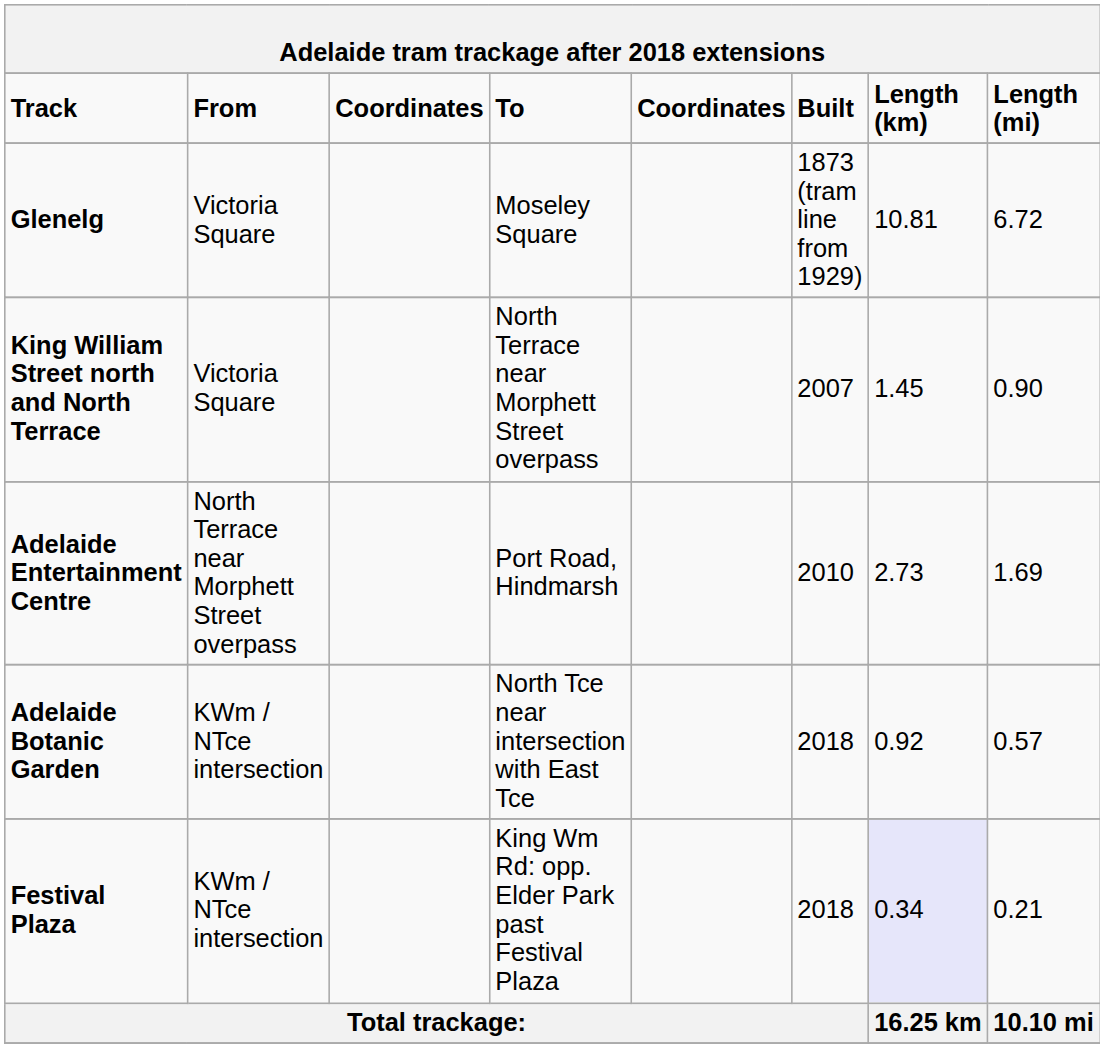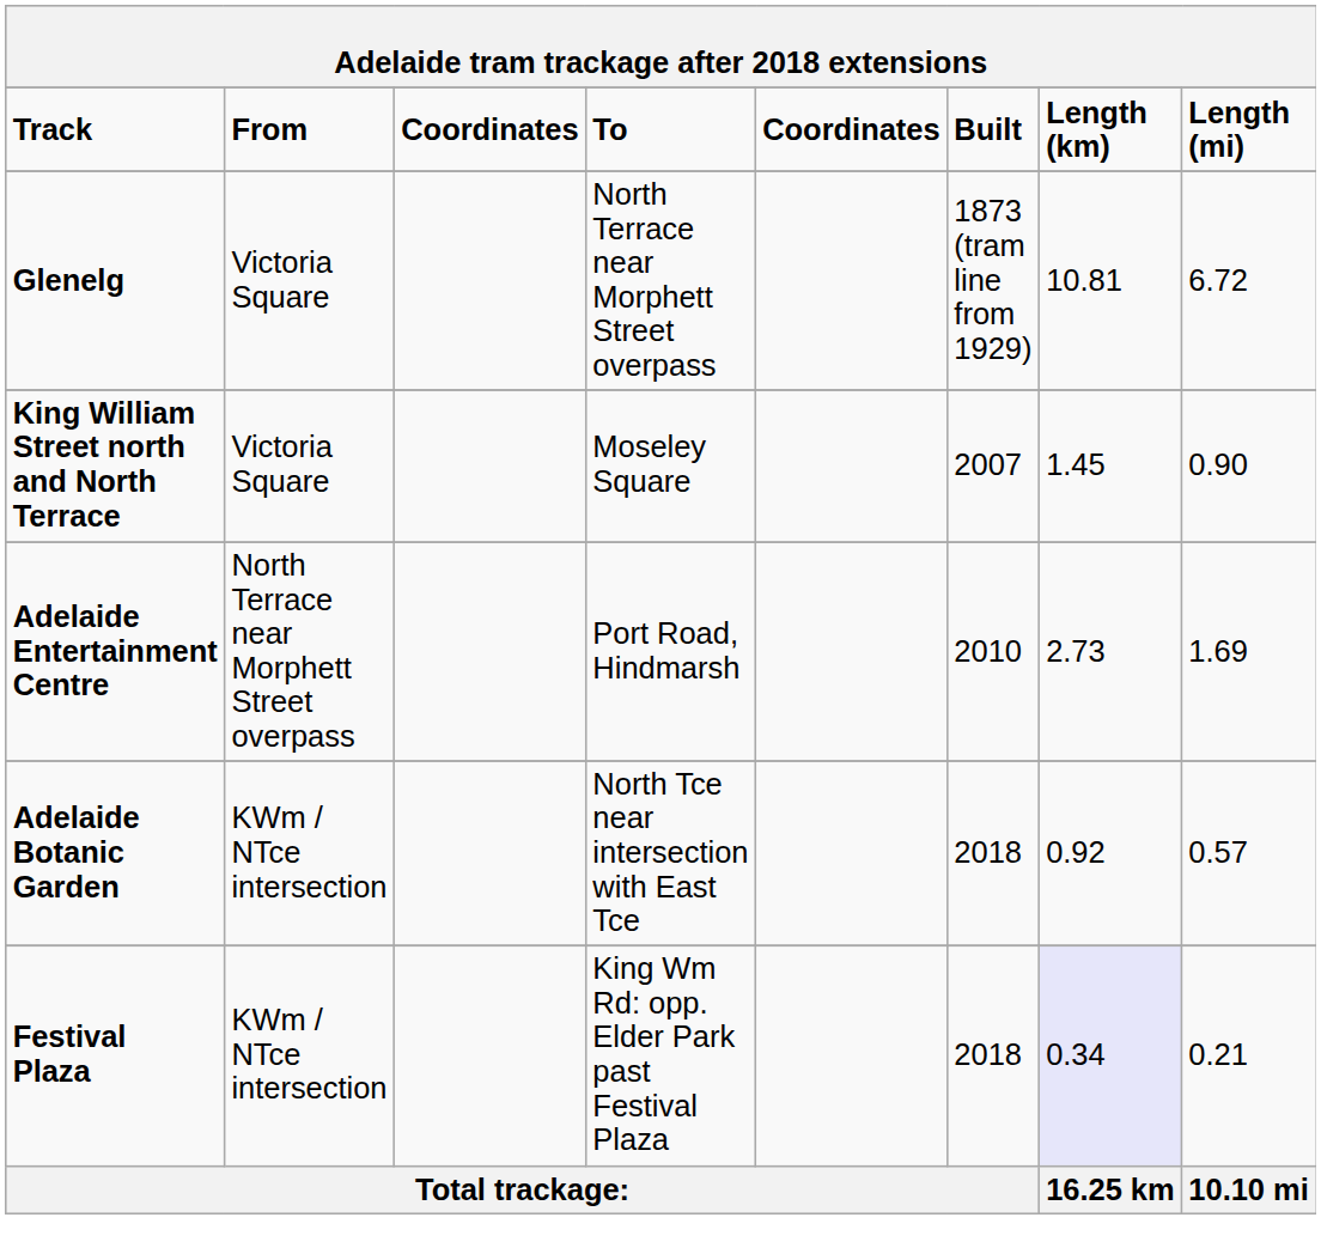 <table class="wikitable floatleft mw-collapsible mw-collapsed" style="margin:0.5em auto; width:50%; center:80%; :1em; :2em; :1em">
 <tr>
 <th colspan="8"><br>Adelaide tram trackage after 2018 extensions<br></th>
 </tr>
 <tr>
 </tr>
 <tr>
 <td><strong>Track</strong></td>
 <td><strong>From</strong></td>
 <td><strong>Coordinates</strong></td>
 <td><strong>To</strong></td>
 <td><strong>Coordinates</strong></td>
 <td><strong>Built</strong></td>
 <td><strong>Length (km)</strong></td>
 <td><strong>Length (mi)</strong></td>
 </tr>
 <tr>
 </tr>
 <tr>
 <td><strong>Glenelg</strong></td>
 <td>Victoria Square</td>
 <td></td>
-<td>Moseley Square</td>
+<td>North Terrace near Morphett Street overpass</td>
 <td></td>
 <td>1873<br>(tram line from 1929)</td>
 <td>10.81</td>
 <td>6.72</td>
 </tr>
 <tr>
 </tr>
 <tr>
 <td><strong>King William Street north<br>and North Terrace</strong></td>
 <td>Victoria Square</td>
 <td></td>
-<td>North Terrace near Morphett Street overpass</td>
+<td>Moseley Square</td>
 <td></td>
 <td>2007</td>
 <td>1.45</td>
 <td>0.90</td>
 </tr>
 <tr>
 </tr>
 <tr>
 <td><strong>Adelaide Entertainment Centre</strong><br></td>
 <td>North Terrace near Morphett Street overpass</td>
 <td></td>
 <td>Port Road, Hindmarsh</td>
 <td></td>
 <td>2010</td>
 <td>2.73</td>
 <td>1.69</td>
 </tr>
 <tr>
 </tr>
 <tr>
 <td><strong>Adelaide<br>Botanic<br>Garden</strong></td>
 <td>KWm / NTce intersection</td>
 <td></td>
 <td>North Tce near intersection with East Tce</td>
 <td></td>
 <td>2018</td>
 <td>0.92</td>
 <td>0.57</td>
 </tr>
 <tr>
 </tr>
 <tr>
 <td><strong>Festival<br>Plaza</strong></td>
 <td>KWm / NTce intersection</td>
 <td></td>
 <td>King Wm Rd: opp. Elder Park past Festival Plaza</td>
 <td></td>
 <td>2018</td>
 <td style="background: lavender;">0.34</td>
 <td>0.21</td>
 </tr>
 <tr>
 <th colspan="6">Total trackage:</th>
 <th>16.25 km</th>
 <th>10.10 mi</th>
 </tr>
 <tr>
 </tr>
 <tr>
 </tr>
 </table>
